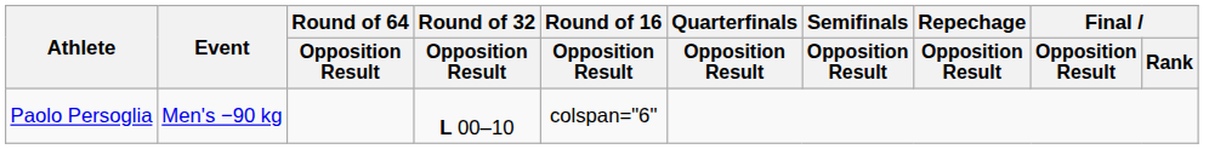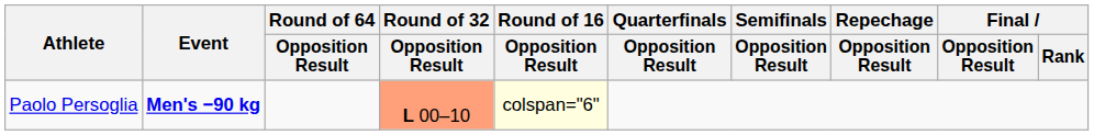 <table class="wikitable" style="font-size:90%">
 <tr>
 <th rowspan="2">Athlete</th>
 <th rowspan="2">Event</th>
 <th>Round of 64</th>
 <th>Round of 32</th>
 <th>Round of 16</th>
 <th>Quarterfinals</th>
 <th>Semifinals</th>
 <th>Repechage</th>
 <th colspan=2>Final / </th>
 </tr>
 <tr style="font-size:95%">
 <th>Opposition<br>Result</th>
 <th>Opposition<br>Result</th>
 <th>Opposition<br>Result</th>
 <th>Opposition<br>Result</th>
 <th>Opposition<br>Result</th>
 <th>Opposition<br>Result</th>
 <th>Opposition<br>Result</th>
 <th>Rank</th>
 </tr>
 <tr align=center>
 <td align=left><a href='#'>Paolo Persoglia</a></td>
-<td align=left><a href='#'>Men's −90 kg</a></td>
+<td align=left><strong><a href='#'>Men's −90 kg</a></strong></td>
 <td></td>
-<td><br><strong>L</strong> 00–10</td>
-<td>colspan="6"</td>
+<td style="background: lightsalmon;"><br><strong>L</strong> 00–10</td>
+<td style="background: lightyellow;">colspan="6"</td>
 </tr>
 </table>
